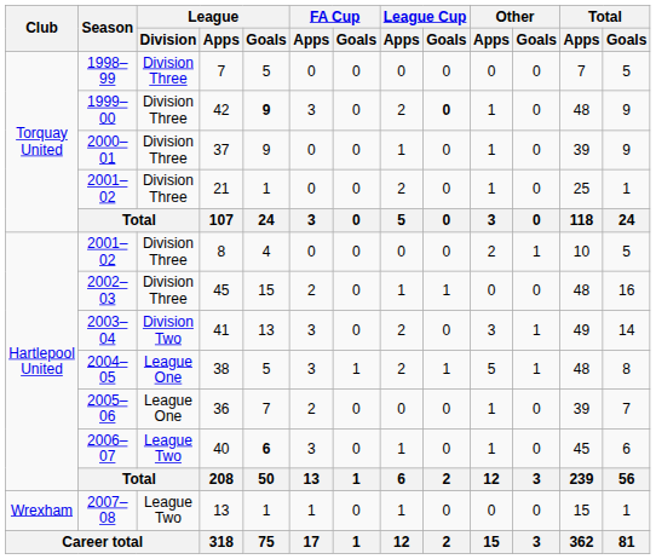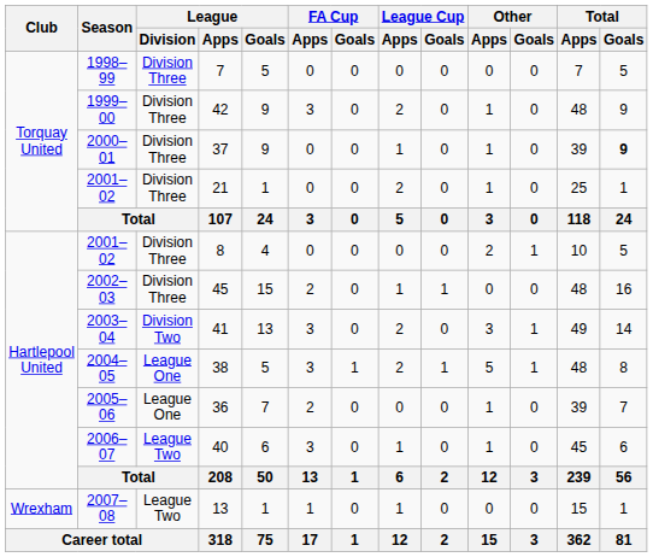 <table class="wikitable" style="text-align: center">
 <tr>
 <th rowspan="2">Club</th>
 <th rowspan="2">Season</th>
 <th colspan="3">League</th>
 <th colspan="2"><a href='#'>FA Cup</a></th>
 <th colspan="2"><a href='#'>League Cup</a></th>
 <th colspan="2">Other</th>
 <th colspan="2">Total</th>
 </tr>
 <tr>
 <th>Division</th>
 <th>Apps</th>
 <th>Goals</th>
 <th>Apps</th>
 <th>Goals</th>
 <th>Apps</th>
 <th>Goals</th>
 <th>Apps</th>
 <th>Goals</th>
 <th>Apps</th>
 <th>Goals</th>
 </tr>
 <tr>
 <td rowspan="5"><a href='#'>Torquay United</a></td>
 <td><a href='#'>1998–99</a></td>
 <td><a href='#'>Division Three</a></td>
 <td>7</td>
 <td>5</td>
 <td>0</td>
 <td>0</td>
 <td>0</td>
 <td>0</td>
 <td>0</td>
 <td>0</td>
 <td>7</td>
 <td>5</td>
 </tr>
 <tr>
 <td><a href='#'>1999–00</a></td>
 <td>Division Three</td>
 <td>42</td>
-<td><strong>9</strong></td>
+<td>9</td>
 <td>3</td>
 <td>0</td>
 <td>2</td>
-<td><strong>0</strong></td>
+<td>0</td>
 <td>1</td>
 <td>0</td>
 <td>48</td>
 <td>9</td>
 </tr>
 <tr>
 <td><a href='#'>2000–01</a></td>
 <td>Division Three</td>
 <td>37</td>
 <td>9</td>
 <td>0</td>
 <td>0</td>
 <td>1</td>
 <td>0</td>
 <td>1</td>
 <td>0</td>
 <td>39</td>
-<td>9</td>
+<td><strong>9</strong></td>
 </tr>
 <tr>
 <td><a href='#'>2001–02</a></td>
 <td>Division Three</td>
 <td>21</td>
 <td>1</td>
 <td>0</td>
 <td>0</td>
 <td>2</td>
 <td>0</td>
 <td>1</td>
 <td>0</td>
 <td>25</td>
 <td>1</td>
 </tr>
 <tr>
 <th colspan="2">Total</th>
 <th>107</th>
 <th>24</th>
 <th>3</th>
 <th>0</th>
 <th>5</th>
 <th>0</th>
 <th>3</th>
 <th>0</th>
 <th>118</th>
 <th>24</th>
 </tr>
 <tr>
 <td rowspan="7"><a href='#'>Hartlepool United</a></td>
 <td><a href='#'>2001–02</a></td>
 <td>Division Three</td>
 <td>8</td>
 <td>4</td>
 <td>0</td>
 <td>0</td>
 <td>0</td>
 <td>0</td>
 <td>2</td>
 <td>1</td>
 <td>10</td>
 <td>5</td>
 </tr>
 <tr>
 <td><a href='#'>2002–03</a></td>
 <td>Division Three</td>
 <td>45</td>
 <td>15</td>
 <td>2</td>
 <td>0</td>
 <td>1</td>
 <td>1</td>
 <td>0</td>
 <td>0</td>
 <td>48</td>
 <td>16</td>
 </tr>
 <tr>
 <td><a href='#'>2003–04</a></td>
 <td><a href='#'>Division Two</a></td>
 <td>41</td>
 <td>13</td>
 <td>3</td>
 <td>0</td>
 <td>2</td>
 <td>0</td>
 <td>3</td>
 <td>1</td>
 <td>49</td>
 <td>14</td>
 </tr>
 <tr>
 <td><a href='#'>2004–05</a></td>
 <td><a href='#'>League One</a></td>
 <td>38</td>
 <td>5</td>
 <td>3</td>
 <td>1</td>
 <td>2</td>
 <td>1</td>
 <td>5</td>
 <td>1</td>
 <td>48</td>
 <td>8</td>
 </tr>
 <tr>
 <td><a href='#'>2005–06</a></td>
 <td>League One</td>
 <td>36</td>
 <td>7</td>
 <td>2</td>
 <td>0</td>
 <td>0</td>
 <td>0</td>
 <td>1</td>
 <td>0</td>
 <td>39</td>
 <td>7</td>
 </tr>
 <tr>
 <td><a href='#'>2006–07</a></td>
 <td><a href='#'>League Two</a></td>
 <td>40</td>
-<td><strong>6</strong></td>
+<td>6</td>
 <td>3</td>
 <td>0</td>
 <td>1</td>
 <td>0</td>
 <td>1</td>
 <td>0</td>
 <td>45</td>
 <td>6</td>
 </tr>
 <tr>
 <th colspan="2">Total</th>
 <th>208</th>
 <th>50</th>
 <th>13</th>
 <th>1</th>
 <th>6</th>
 <th>2</th>
 <th>12</th>
 <th>3</th>
 <th>239</th>
 <th>56</th>
 </tr>
 <tr>
 <td><a href='#'>Wrexham</a></td>
 <td><a href='#'>2007–08</a></td>
 <td>League Two</td>
 <td>13</td>
 <td>1</td>
 <td>1</td>
 <td>0</td>
 <td>1</td>
 <td>0</td>
 <td>0</td>
 <td>0</td>
 <td>15</td>
 <td>1</td>
 </tr>
 <tr>
 <th colspan="3">Career total</th>
 <th>318</th>
 <th>75</th>
 <th>17</th>
 <th>1</th>
 <th>12</th>
 <th>2</th>
 <th>15</th>
 <th>3</th>
 <th>362</th>
 <th>81</th>
 </tr>
 </table>
